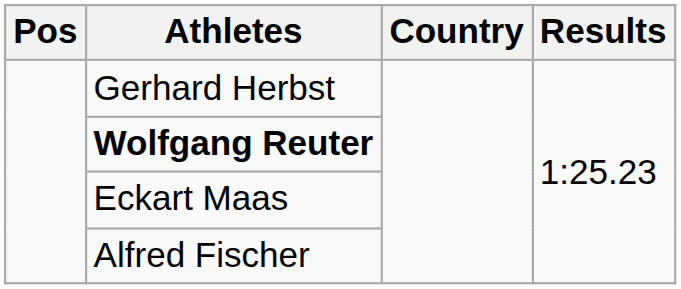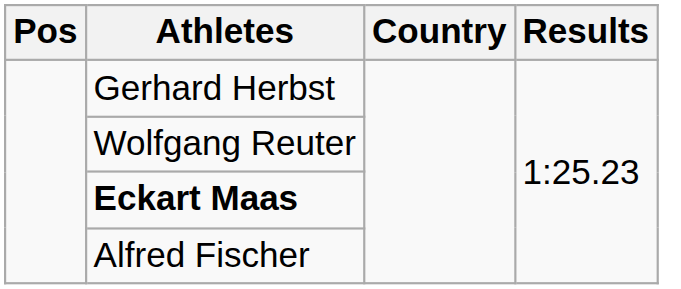 <table class="wikitable">
 <tr>
 <th>Pos</th>
 <th>Athletes</th>
 <th>Country</th>
 <th>Results</th>
 </tr>
 <tr>
 <td rowspan="4"></td>
 <td>Gerhard Herbst</td>
 <td rowspan="4"></td>
 <td rowspan="4">1:25.23</td>
 </tr>
 <tr>
-<td><strong>Wolfgang Reuter</strong></td>
+<td>Wolfgang Reuter</td>
 </tr>
 <tr>
-<td>Eckart Maas</td>
+<td><strong>Eckart Maas</strong></td>
 </tr>
 <tr>
 <td>Alfred Fischer</td>
 </tr>
 </table>
